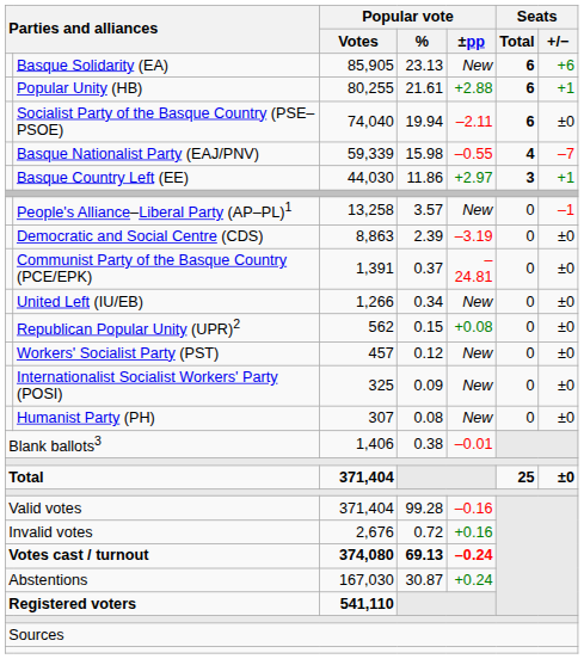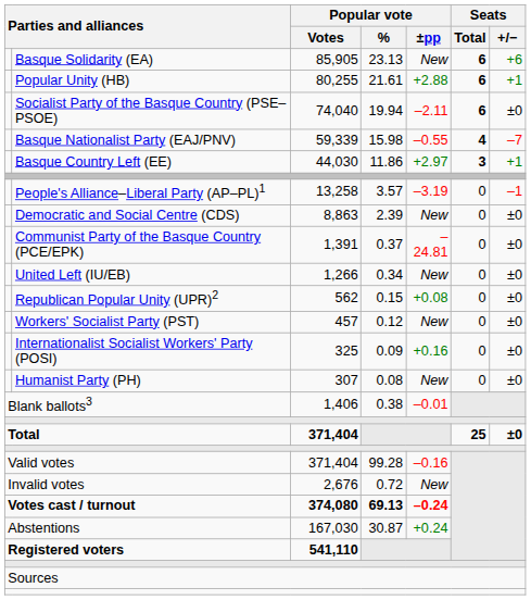 <table class="wikitable" style="text-align:right;">
 <tr>
 <th style="text-align:left;" rowspan="2" colspan="2" width="525">Parties and alliances</th>
 <th colspan="3">Popular vote</th>
 <th colspan="2">Seats</th>
 </tr>
 <tr>
 <th width="75">Votes</th>
 <th width="45">%</th>
 <th width="45">±<a href='#'>pp</a></th>
 <th width="35">Total</th>
 <th width="35">+/−</th>
 </tr>
 <tr>
 <td width="1" style="color:inherit;background:"></td>
 <td align="left"><a href='#'>Basque Solidarity</a> (EA)</td>
 <td>85,905</td>
 <td>23.13</td>
 <td><em>New</em></td>
 <td><strong>6</strong></td>
 <td style="color:green;">+6</td>
 </tr>
 <tr>
 <td style="color:inherit;background:"></td>
 <td align="left"><a href='#'>Popular Unity</a> (HB)</td>
 <td>80,255</td>
 <td>21.61</td>
 <td style="color:green;">+2.88</td>
 <td><strong>6</strong></td>
 <td style="color:green;">+1</td>
 </tr>
 <tr>
 <td style="color:inherit;background:"></td>
 <td align="left"><a href='#'>Socialist Party of the Basque Country</a> (PSE–PSOE)</td>
 <td>74,040</td>
 <td>19.94</td>
 <td style="color:red;">–2.11</td>
 <td><strong>6</strong></td>
 <td>±0</td>
 </tr>
 <tr>
 <td style="color:inherit;background:"></td>
 <td align="left"><a href='#'>Basque Nationalist Party</a> (EAJ/PNV)</td>
 <td>59,339</td>
 <td>15.98</td>
 <td style="color:red;">–0.55</td>
 <td><strong>4</strong></td>
 <td style="color:red;">–7</td>
 </tr>
 <tr>
 <td style="color:inherit;background:"></td>
 <td align="left"><a href='#'>Basque Country Left</a> (EE)</td>
 <td>44,030</td>
 <td>11.86</td>
 <td style="color:green;">+2.97</td>
 <td><strong>3</strong></td>
 <td style="color:green;">+1</td>
 </tr>
 <tr>
 <td colspan="7" bgcolor="#C0C0C0"></td>
 </tr>
 <tr>
 <td style="color:inherit;background:"></td>
 <td align="left"><a href='#'>People's Alliance</a>–<a href='#'>Liberal Party</a> (AP–PL)<sup>1</sup></td>
 <td>13,258</td>
 <td>3.57</td>
-<td><em>New</em></td>
+<td style="color:red;">–3.19</td>
 <td>0</td>
 <td style="color:red;">–1</td>
 </tr>
 <tr>
 <td style="color:inherit;background:"></td>
 <td align="left"><a href='#'>Democratic and Social Centre</a> (CDS)</td>
 <td>8,863</td>
 <td>2.39</td>
-<td style="color:red;">–3.19</td>
+<td><em>New</em></td>
 <td>0</td>
 <td>±0</td>
 </tr>
 <tr>
 <td style="color:inherit;background:"></td>
 <td align="left"><a href='#'>Communist Party of the Basque Country</a> (PCE/EPK)</td>
 <td>1,391</td>
 <td>0.37</td>
 <td style="color:red;">–24.81</td>
 <td>0</td>
 <td>±0</td>
 </tr>
 <tr>
 <td style="color:inherit;background:"></td>
 <td align="left"><a href='#'>United Left</a> (IU/EB)</td>
 <td>1,266</td>
 <td>0.34</td>
 <td><em>New</em></td>
 <td>0</td>
 <td>±0</td>
 </tr>
 <tr>
 <td style="color:inherit;background:"></td>
 <td align="left"><a href='#'>Republican Popular Unity</a> (UPR)<sup>2</sup></td>
 <td>562</td>
 <td>0.15</td>
 <td style="color:green;">+0.08</td>
 <td>0</td>
 <td>±0</td>
 </tr>
 <tr>
 <td style="color:inherit;background:"></td>
 <td align="left"><a href='#'>Workers' Socialist Party</a> (PST)</td>
 <td>457</td>
 <td>0.12</td>
 <td><em>New</em></td>
 <td>0</td>
 <td>±0</td>
 </tr>
 <tr>
 <td style="color:inherit;background:"></td>
 <td align="left"><a href='#'>Internationalist Socialist Workers' Party</a> (POSI)</td>
 <td>325</td>
 <td>0.09</td>
-<td><em>New</em></td>
+<td style="color:green;">+0.16</td>
 <td>0</td>
 <td>±0</td>
 </tr>
 <tr>
 <td style="color:inherit;background:"></td>
 <td align="left"><a href='#'>Humanist Party</a> (PH)</td>
 <td>307</td>
 <td>0.08</td>
 <td><em>New</em></td>
 <td>0</td>
 <td>±0</td>
 </tr>
 <tr>
 <td align="left" colspan="2">Blank ballots<sup>3</sup></td>
 <td>1,406</td>
 <td>0.38</td>
 <td style="color:red;">–0.01</td>
 <td bgcolor="#E9E9E9" colspan="2"></td>
 </tr>
 <tr>
 <td colspan="7" bgcolor="#E9E9E9"></td>
 </tr>
 <tr style="font-weight:bold;">
 <td align="left" colspan="2">Total</td>
 <td>371,404</td>
 <td bgcolor="#E9E9E9" colspan="2"></td>
 <td>25</td>
 <td>±0</td>
 </tr>
 <tr>
 <td colspan="7" bgcolor="#E9E9E9"></td>
 </tr>
 <tr>
 <td align="left" colspan="2">Valid votes</td>
 <td>371,404</td>
 <td>99.28</td>
 <td style="color:red;">–0.16</td>
 <td bgcolor="#E9E9E9" colspan="2" rowspan="5"></td>
 </tr>
 <tr>
 <td align="left" colspan="2">Invalid votes</td>
 <td>2,676</td>
 <td>0.72</td>
-<td style="color:green;">+0.16</td>
+<td><em>New</em></td>
 </tr>
 <tr style="font-weight:bold;">
 <td align="left" colspan="2">Votes cast / turnout</td>
 <td>374,080</td>
 <td>69.13</td>
 <td style="color:red;">–0.24</td>
 </tr>
 <tr>
 <td align="left" colspan="2">Abstentions</td>
 <td>167,030</td>
 <td>30.87</td>
 <td style="color:green;">+0.24</td>
 </tr>
 <tr style="font-weight:bold;">
 <td align="left" colspan="2">Registered voters</td>
 <td>541,110</td>
 <td bgcolor="#E9E9E9" colspan="2"></td>
 </tr>
 <tr>
 <td colspan="7" bgcolor="#E9E9E9"></td>
 </tr>
 <tr>
 <td align="left" colspan="7">Sources</td>
 </tr>
 <tr>
 <td colspan="7" style="text-align:left; max-width:790px;"></td>
 </tr>
 </table>
